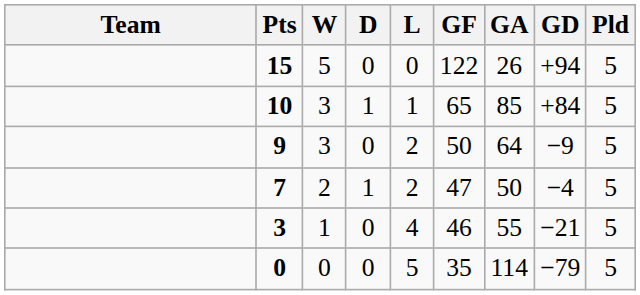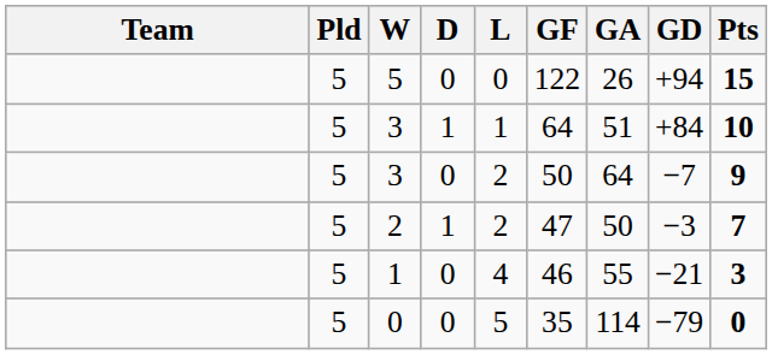 <table class="wikitable" style="text-align:center;">
 <tr>
 <th width=150>Team</th>
-<th width=20>Pts</th>
+<th width=20>Pld</th>
 <th width=20>W</th>
 <th width=20>D</th>
 <th width=20>L</th>
 <th width=20>GF</th>
 <th width=20>GA</th>
 <th width=20>GD</th>
-<th width=20>Pld</th>
+<th width=20>Pts</th>
 </tr>
 <tr>
 <td align="left"></td>
-<td><strong>15</strong></td>
+<td>5</td>
 <td>5</td>
 <td>0</td>
 <td>0</td>
 <td>122</td>
 <td>26</td>
 <td>+94</td>
-<td>5</td>
+<td><strong>15</strong></td>
 </tr>
 <tr>
 <td align="left"></td>
-<td><strong>10</strong></td>
+<td>5</td>
 <td>3</td>
 <td>1</td>
 <td>1</td>
-<td>65</td>
-<td>85</td>
+<td>64</td>
+<td>51</td>
 <td>+84</td>
-<td>5</td>
+<td><strong>10</strong></td>
 </tr>
 <tr>
 <td align="left"></td>
-<td><strong>9</strong></td>
+<td>5</td>
 <td>3</td>
 <td>0</td>
 <td>2</td>
 <td>50</td>
 <td>64</td>
-<td>−9</td>
-<td>5</td>
+<td>−7</td>
+<td><strong>9</strong></td>
 </tr>
 <tr>
 <td align="left"></td>
-<td><strong>7</strong></td>
+<td>5</td>
 <td>2</td>
 <td>1</td>
 <td>2</td>
 <td>47</td>
 <td>50</td>
-<td>−4</td>
-<td>5</td>
+<td>−3</td>
+<td><strong>7</strong></td>
 </tr>
 <tr>
 <td align="left"></td>
-<td><strong>3</strong></td>
+<td>5</td>
 <td>1</td>
 <td>0</td>
 <td>4</td>
 <td>46</td>
 <td>55</td>
 <td>−21</td>
-<td>5</td>
+<td><strong>3</strong></td>
 </tr>
 <tr>
 <td align="left"></td>
-<td><strong>0</strong></td>
+<td>5</td>
 <td>0</td>
 <td>0</td>
 <td>5</td>
 <td>35</td>
 <td>114</td>
 <td>−79</td>
-<td>5</td>
+<td><strong>0</strong></td>
 </tr>
 </table>
